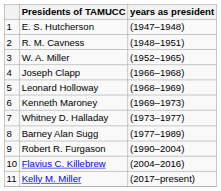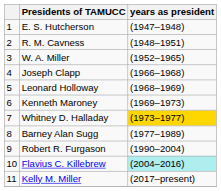 <table class="wikitable" style="font-size: 95%;">
 <tr>
 <th></th>
 <th>Presidents of TAMUCC</th>
 <th>years as president</th>
 </tr>
 <tr>
 <td>1</td>
 <td>E. S. Hutcherson</td>
 <td>(1947–1948)</td>
 </tr>
 <tr>
 <td>2</td>
 <td>R. M. Cavness</td>
 <td>(1948–1951)</td>
 </tr>
 <tr>
 <td>3</td>
 <td>W. A. Miller</td>
 <td>(1952–1965)</td>
 </tr>
 <tr>
 <td>4</td>
 <td>Joseph Clapp</td>
 <td>(1966–1968)</td>
 </tr>
 <tr>
 <td>5</td>
 <td>Leonard Holloway</td>
 <td>(1968–1969)</td>
 </tr>
 <tr>
 <td>6</td>
 <td>Kenneth Maroney</td>
 <td>(1969–1973)</td>
 </tr>
 <tr>
 <td>7</td>
 <td>Whitney D. Halladay</td>
-<td>(1973–1977)</td>
+<td style="background: gold;">(1973–1977)</td>
 </tr>
 <tr>
 <td>8</td>
 <td>Barney Alan Sugg</td>
 <td>(1977–1989)</td>
 </tr>
 <tr>
 <td>9</td>
 <td>Robert R. Furgason</td>
 <td>(1990–2004)</td>
 </tr>
 <tr>
 <td>10</td>
 <td><a href='#'>Flavius C. Killebrew</a></td>
-<td>(2004–2016)</td>
+<td style="background: paleturquoise;">(2004–2016)</td>
 </tr>
 <tr>
 <td>11</td>
 <td><a href='#'>Kelly M. Miller</a></td>
 <td>(2017–present)</td>
 </tr>
 <tr>
 </tr>
 </table>
